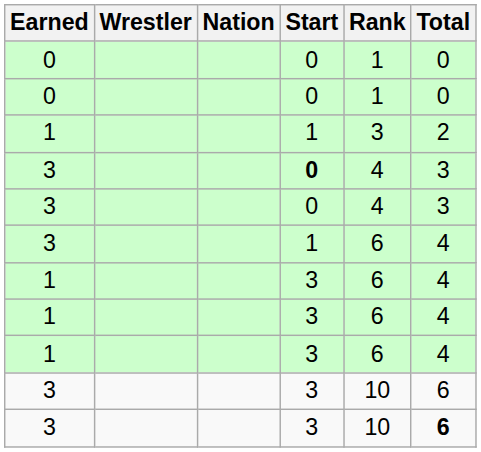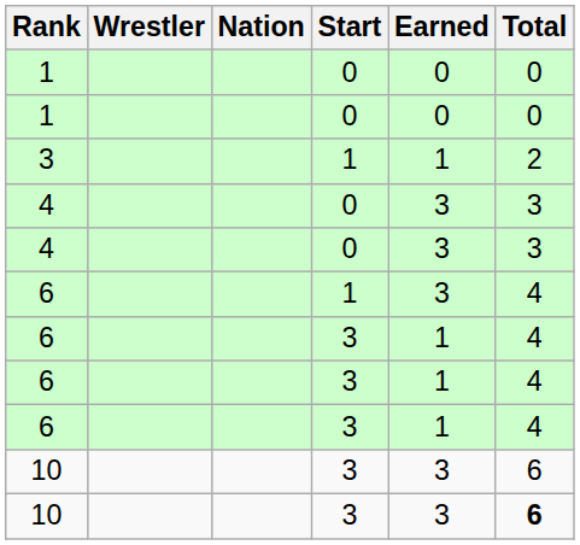 <table class="wikitable sortable" style="text-align:center;">
 <tr>
-<th>Earned</th>
+<th>Rank</th>
 <th>Wrestler</th>
 <th>Nation</th>
 <th>Start</th>
-<th>Rank</th>
+<th>Earned</th>
 <th>Total</th>
 </tr>
 <tr style="background:#cfc;">
-<td>0</td>
+<td>1</td>
 <td align=left></td>
 <td align=left></td>
 <td>0</td>
-<td>1</td>
 <td>0</td>
-</tr>
-<tr style="background:#cfc;">
-<td>0</td>
-<td align=left></td>
-<td align=left></td>
-<td>0</td>
-<td>1</td>
 <td>0</td>
 </tr>
 <tr style="background:#cfc;">
 <td>1</td>
 <td align=left></td>
 <td align=left></td>
-<td>1</td>
-<td>3</td>
-<td>2</td>
-</tr>
-<tr style="background:#cfc;">
-<td>3</td>
-<td align=left></td>
-<td align=left></td>
-<td><strong>0</strong></td>
-<td>4</td>
-<td>3</td>
-</tr>
-<tr style="background:#cfc;">
-<td>3</td>
-<td align=left></td>
-<td align=left></td>
 <td>0</td>
-<td>4</td>
-<td>3</td>
+<td>0</td>
+<td>0</td>
 </tr>
 <tr style="background:#cfc;">
 <td>3</td>
 <td align=left></td>
 <td align=left></td>
 <td>1</td>
+<td>1</td>
+<td>2</td>
+</tr>
+<tr style="background:#cfc;">
+<td>4</td>
+<td align=left></td>
+<td align=left></td>
+<td>0</td>
+<td>3</td>
+<td>3</td>
+</tr>
+<tr style="background:#cfc;">
+<td>4</td>
+<td align=left></td>
+<td align=left></td>
+<td>0</td>
+<td>3</td>
+<td>3</td>
+</tr>
+<tr style="background:#cfc;">
 <td>6</td>
+<td align=left></td>
+<td align=left></td>
+<td>1</td>
+<td>3</td>
 <td>4</td>
 </tr>
 <tr style="background:#cfc;">
-<td>1</td>
+<td>6</td>
 <td align=left></td>
 <td align=left></td>
 <td>3</td>
-<td>6</td>
+<td>1</td>
 <td>4</td>
 </tr>
 <tr style="background:#cfc;">
-<td>1</td>
+<td>6</td>
 <td align=left></td>
 <td align=left></td>
 <td>3</td>
-<td>6</td>
+<td>1</td>
 <td>4</td>
 </tr>
 <tr style="background:#cfc;">
-<td>1</td>
+<td>6</td>
 <td align=left></td>
 <td align=left></td>
 <td>3</td>
-<td>6</td>
+<td>1</td>
 <td>4</td>
 </tr>
 <tr>
-<td>3</td>
+<td>10</td>
 <td align=left></td>
 <td align=left></td>
 <td>3</td>
-<td>10</td>
+<td>3</td>
 <td>6</td>
 </tr>
 <tr>
-<td>3</td>
+<td>10</td>
 <td align=left></td>
 <td align=left></td>
 <td>3</td>
-<td>10</td>
+<td>3</td>
 <td><strong>6</strong></td>
 </tr>
 </table>
